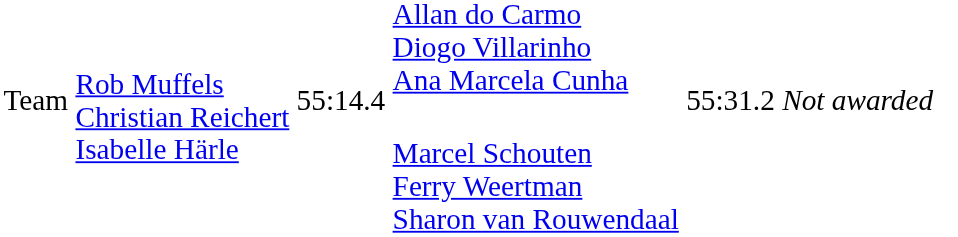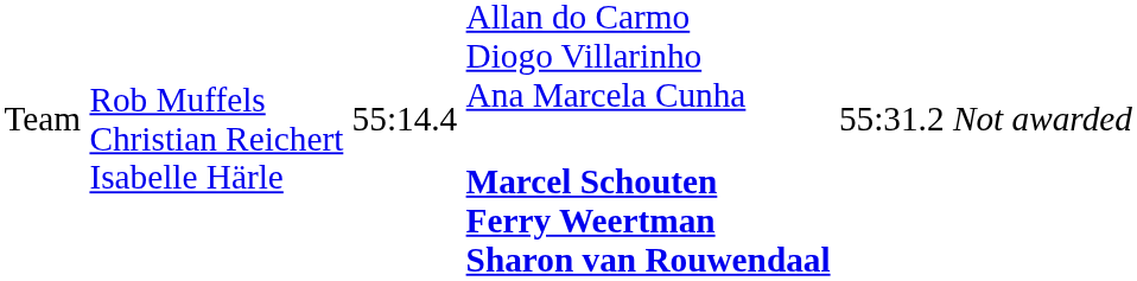 <table>
 <tr>
 <td rowspan=2>Team<br></td>
 <td rowspan=2><br><a href='#'>Rob Muffels</a><br><a href='#'>Christian Reichert</a><br><a href='#'>Isabelle Härle</a></td>
 <td rowspan=2>55:14.4</td>
 <td><br><a href='#'>Allan do Carmo</a><br><a href='#'>Diogo Villarinho</a><br><a href='#'>Ana Marcela Cunha</a></td>
 <td rowspan=2>55:31.2</td>
 <td rowspan=2  align=center colspan=2><em>Not awarded</em></td>
 </tr>
 <tr>
-<td><br><a href='#'>Marcel Schouten</a><br><a href='#'>Ferry Weertman</a><br><a href='#'>Sharon van Rouwendaal</a></td>
+<td><strong><br><a href='#'>Marcel Schouten</a><br><a href='#'>Ferry Weertman</a><br><a href='#'>Sharon van Rouwendaal</a></strong></td>
 </tr>
 </table>
